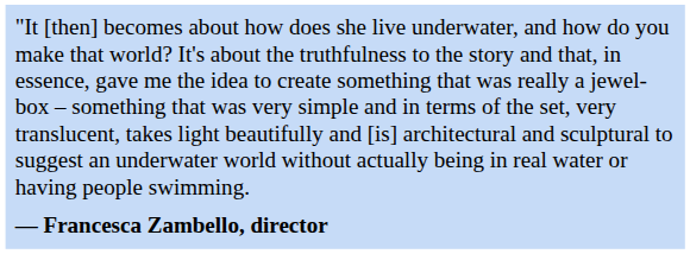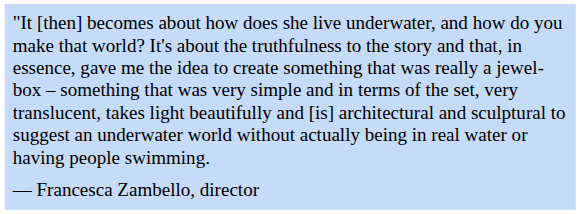 <table class="toccolours" style="float: right; margin-left: 1em; margin-right: 2em; font-size: 85%; background:#c6dbf7; color:black; width:30em; max-width: 40%;" cellspacing="5">
 <tr>
 <td style="text-align: left;">"It [then] becomes about how does she live underwater, and how do you make that world? It's about the truthfulness to the story and that, in essence, gave me the idea to create something that was really a jewel-box – something that was very simple and in terms of the set, very translucent, takes light beautifully and [is] architectural and sculptural to suggest an underwater world without actually being in real water or having people swimming.</td>
 </tr>
 <tr>
-<td style="text-align: left;"><strong>— Francesca Zambello, director</strong></td>
+<td style="text-align: left;">— Francesca Zambello, director</td>
 </tr>
 </table>
